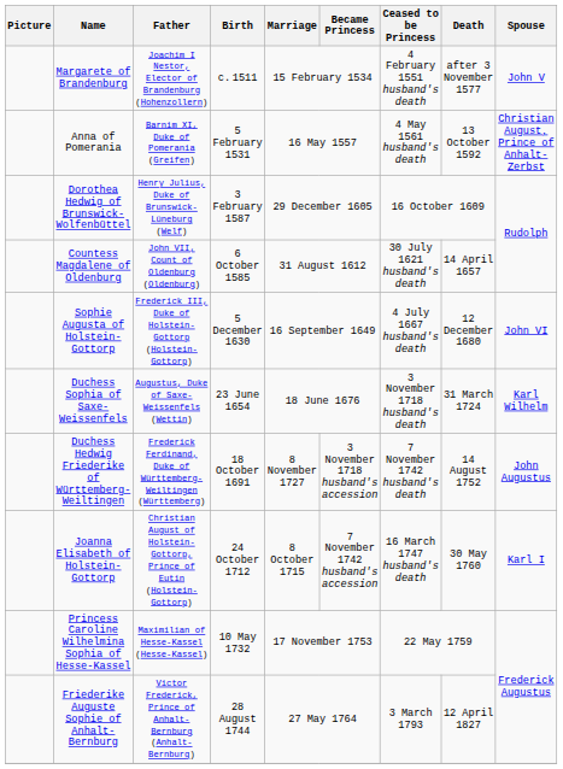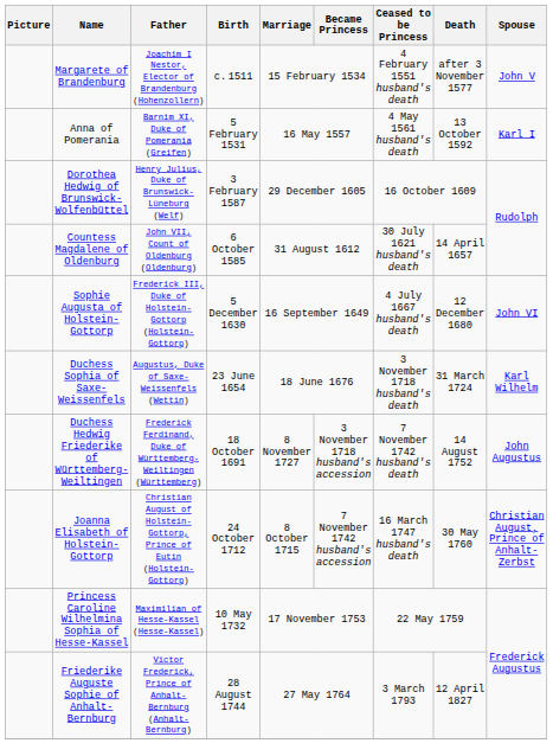 <table width=95% class="wikitable">
 <tr>
 <th width = "8%">Picture</th>
 <th width = "10%">Name</th>
 <th width = "9%">Father</th>
 <th width = "10%">Birth</th>
 <th width = "9%">Marriage</th>
 <th width = "9%">Became Princess</th>
 <th width = "9%">Ceased to be Princess</th>
 <th width = "9%">Death</th>
 <th width = "6%">Spouse</th>
 </tr>
 <tr>
 <td align="center"></td>
 <td align="center"><a href='#'>Margarete of Brandenburg</a></td>
 <td align="center"><small><a href='#'>Joachim I Nestor, Elector of Brandenburg</a><br>(<a href='#'>Hohenzollern</a>)</small></td>
 <td align="center">c. 1511</td>
 <td align="center" colspan="2">15 February 1534</td>
 <td align="center">4 February 1551 <br><em>husband's death</em></td>
 <td align="center">after 3 November 1577</td>
 <td align="center"><a href='#'>John V</a></td>
 </tr>
 <tr>
 <td align="center"></td>
 <td align="center">Anna of Pomerania</td>
 <td align="center"><small><a href='#'>Barnim XI, Duke of Pomerania</a><br>(<a href='#'>Greifen</a>)</small></td>
 <td align="center">5 February 1531</td>
 <td align="center" colspan="2">16 May 1557</td>
 <td align="center">4 May 1561 <br><em>husband's death</em></td>
 <td align="center">13 October 1592</td>
-<td align="center"><a href='#'>Christian August, Prince of Anhalt-Zerbst</a></td>
+<td align="center"><a href='#'>Karl I</a></td>
 </tr>
 <tr>
 <td align="center"></td>
 <td align="center"><a href='#'>Dorothea Hedwig of Brunswick-Wolfenbüttel</a></td>
 <td align="center"><small><a href='#'>Henry Julius, Duke of Brunswick-Lüneburg</a><br>(<a href='#'>Welf</a>)</small></td>
 <td align="center">3 February 1587</td>
 <td align="center" colspan="2">29 December 1605</td>
 <td align="center" colspan="2">16 October 1609</td>
 <td align="center" rowspan="2"><a href='#'>Rudolph</a></td>
 </tr>
 <tr>
 <td align="center"></td>
 <td align="center"><a href='#'>Countess Magdalene of Oldenburg</a></td>
 <td align="center"><small><a href='#'>John VII, Count of Oldenburg</a><br>(<a href='#'>Oldenburg</a>)</small></td>
 <td align="center">6 October 1585</td>
 <td align="center" colspan="2">31 August 1612</td>
 <td align="center">30 July 1621 <br><em>husband's death</em></td>
 <td align="center">14 April 1657</td>
 </tr>
 <tr>
 <td align="center"></td>
 <td align="center"><a href='#'>Sophie Augusta of Holstein-Gottorp</a></td>
 <td align="center"><small><a href='#'>Frederick III, Duke of Holstein-Gottorp</a><br>(<a href='#'>Holstein-Gottorp</a>)</small></td>
 <td align="center">5 December 1630</td>
 <td align="center" colspan="2">16 September 1649</td>
 <td align="center">4 July 1667 <br><em>husband's death</em></td>
 <td align="center">12 December 1680</td>
 <td align="center"><a href='#'>John VI</a></td>
 </tr>
 <tr>
 <td align="center"></td>
 <td align="center"><a href='#'>Duchess Sophia of Saxe-Weissenfels</a></td>
 <td align="center"><small><a href='#'>Augustus, Duke of Saxe-Weissenfels</a><br>(<a href='#'>Wettin</a>)</small></td>
 <td align="center">23 June 1654</td>
 <td align="center" colspan="2">18 June 1676</td>
 <td align="center">3 November 1718 <br><em>husband's death</em></td>
 <td align="center">31 March 1724</td>
 <td align="center"><a href='#'>Karl Wilhelm</a></td>
 </tr>
 <tr>
 <td align="center"></td>
 <td align="center"><a href='#'>Duchess Hedwig Friederike of Württemberg-Weiltingen</a></td>
 <td align="center"><small><a href='#'>Frederick Ferdinand, Duke of Württemberg-Weiltingen</a><br>(<a href='#'>Württemberg</a>)</small></td>
 <td align="center">18 October 1691</td>
 <td align="center">8 November 1727</td>
 <td align="center">3 November 1718 <br><em>husband's accession</em></td>
 <td align="center">7 November 1742 <br><em>husband's death</em></td>
 <td align="center">14 August 1752</td>
 <td align="center"><a href='#'>John Augustus</a></td>
 </tr>
 <tr>
 <td align="center"></td>
 <td align="center"><a href='#'>Joanna Elisabeth of Holstein-Gottorp</a></td>
 <td align="center"><small><a href='#'>Christian August of Holstein-Gottorp, Prince of Eutin</a><br>(<a href='#'>Holstein-Gottorp</a>)</small></td>
 <td align="center">24 October 1712</td>
 <td align="center">8 October 1715</td>
 <td align="center">7 November 1742 <br><em>husband's accession</em></td>
 <td align="center">16 March 1747 <br><em>husband's death</em></td>
 <td align="center">30 May 1760</td>
-<td align="center"><a href='#'>Karl I</a></td>
+<td align="center"><a href='#'>Christian August, Prince of Anhalt-Zerbst</a></td>
 </tr>
 <tr>
 <td align="center"></td>
 <td align="center"><a href='#'>Princess Caroline Wilhelmina Sophia of Hesse-Kassel</a></td>
 <td align="center"><small><a href='#'>Maximilian of Hesse-Kassel</a><br>(<a href='#'>Hesse-Kassel</a>)</small></td>
 <td align="center">10 May 1732</td>
 <td align="center" colspan="2">17 November 1753</td>
 <td align="center" colspan="2">22 May 1759</td>
 <td align="center" rowspan="2"><a href='#'>Frederick Augustus</a></td>
 </tr>
 <tr>
 <td align="center"></td>
 <td align="center"><a href='#'>Friederike Auguste Sophie of Anhalt-Bernburg</a></td>
 <td align="center"><small><a href='#'>Victor Frederick, Prince of Anhalt-Bernburg</a><br>(<a href='#'>Anhalt-Bernburg</a>)</small></td>
 <td align="center">28 August 1744</td>
 <td align="center" colspan="2">27 May 1764</td>
 <td align="center">3 March 1793</td>
 <td align="center">12 April 1827</td>
 </tr>
 <tr>
 </tr>
 </table>
